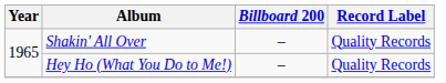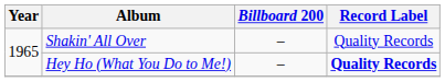 <table class="wikitable" style=text-align:center;>
 <tr>
 <th>Year</th>
 <th>Album</th>
 <th><a href='#'><em>Billboard</em> 200</a></th>
 <th><a href='#'>Record Label</a></th>
 </tr>
 <tr>
 <td rowspan="2">1965</td>
 <td align=left><em><a href='#'>Shakin' All Over</a></em></td>
 <td>–</td>
 <td rowspan="1"><a href='#'>Quality Records</a></td>
 </tr>
 <tr>
 <td align=left><em><a href='#'>Hey Ho (What You Do to Me!)</a></em></td>
 <td>–</td>
-<td rowspan="1"><a href='#'>Quality Records</a></td>
+<td rowspan="1"><strong><a href='#'>Quality Records</a></strong></td>
 </tr>
 <tr>
 </tr>
 </table>
